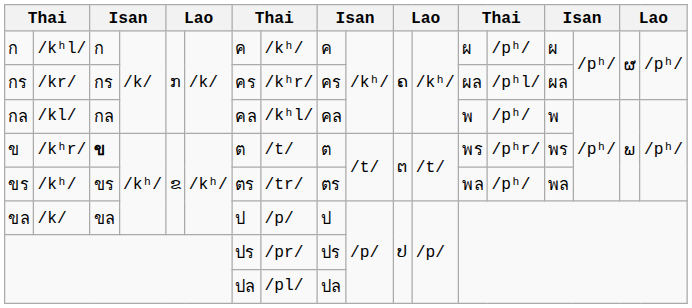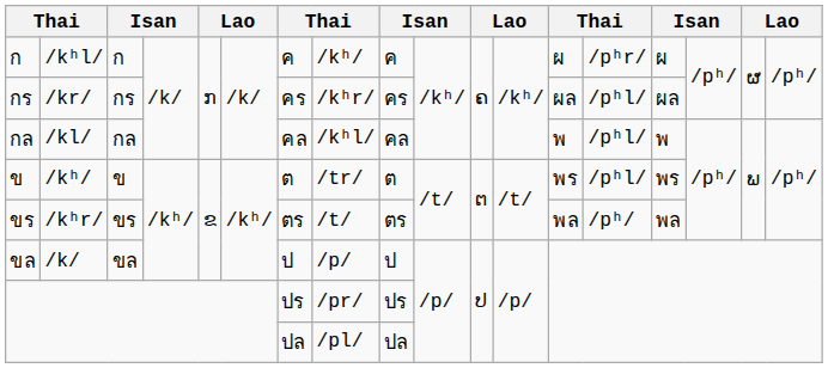 <table class="wikitable">
 <tr>
 <th colspan="2">Thai</th>
 <th colspan="2">Isan</th>
 <th colspan="2">Lao</th>
 <th colspan="2">Thai</th>
 <th colspan="2">Isan</th>
 <th colspan="2">Lao</th>
 <th colspan="2">Thai</th>
 <th colspan="2">Isan</th>
 <th colspan="2">Lao</th>
 </tr>
 <tr>
 <td>ก</td>
 <td>/kʰl/</td>
 <td>ก</td>
 <td rowspan="3">/k/</td>
 <td rowspan="3">ກ</td>
 <td rowspan="3">/k/</td>
 <td>ค</td>
 <td>/kʰ/</td>
 <td>ค</td>
 <td rowspan="3">/kʰ/</td>
 <td rowspan="3">ຄ</td>
 <td rowspan="3">/kʰ/</td>
 <td>ผ</td>
-<td>/pʰ/</td>
+<td>/pʰr/</td>
 <td>ผ</td>
 <td rowspan="2">/pʰ/</td>
 <td rowspan="2">ຜ</td>
 <td rowspan="2">/pʰ/</td>
 </tr>
 <tr>
 <td>กร</td>
 <td>/kr/</td>
 <td>กร</td>
 <td>คร</td>
 <td>/kʰr/</td>
 <td>คร</td>
 <td>ผล</td>
 <td>/pʰl/</td>
 <td>ผล</td>
 </tr>
 <tr>
 <td>กล</td>
 <td>/kl/</td>
 <td>กล</td>
 <td>คล</td>
 <td>/kʰl/</td>
 <td>คล</td>
 <td>พ</td>
-<td>/pʰ/</td>
+<td>/pʰl/</td>
 <td>พ</td>
 <td rowspan="3">/pʰ/</td>
 <td rowspan="3">ພ</td>
 <td rowspan="3">/pʰ/</td>
 </tr>
 <tr>
 <td>ข</td>
-<td>/kʰr/</td>
-<td><strong>ข</strong></td>
+<td>/kʰ/</td>
+<td>ข</td>
 <td rowspan="3">/kʰ/</td>
 <td rowspan="3">ຂ</td>
 <td rowspan="3">/kʰ/</td>
 <td>ต</td>
-<td>/t/</td>
+<td>/tr/</td>
 <td>ต</td>
 <td rowspan="2">/t/</td>
 <td rowspan="2">ຕ</td>
 <td rowspan="2">/t/</td>
 <td>พร</td>
-<td>/pʰr/</td>
+<td>/pʰl/</td>
 <td>พร</td>
 </tr>
 <tr>
 <td>ขร</td>
-<td>/kʰ/</td>
+<td>/kʰr/</td>
 <td>ขร</td>
 <td>ตร</td>
-<td>/tr/</td>
+<td>/t/</td>
 <td>ตร</td>
 <td>พล</td>
 <td>/pʰ/</td>
 <td>พล</td>
 </tr>
 <tr>
 <td>ขล</td>
 <td>/k/</td>
 <td>ขล</td>
 <td>ป</td>
 <td>/p/</td>
 <td>ป</td>
 <td rowspan="3">/p/</td>
 <td rowspan="3">ປ</td>
 <td rowspan="3">/p/</td>
 <td rowspan="3" colspan="6"></td>
 </tr>
 <tr>
 <td rowspan="2" colspan="6"></td>
 <td>ปร</td>
 <td>/pr/</td>
 <td>ปร</td>
 </tr>
 <tr>
 <td>ปล</td>
 <td>/pl/</td>
 <td>ปล</td>
 </tr>
 </table>
